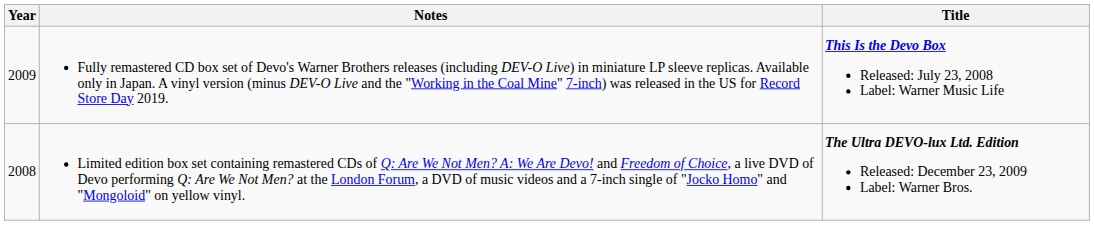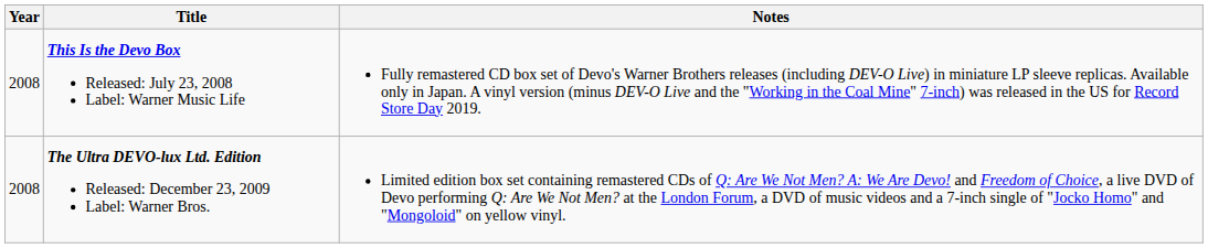 <table class="wikitable">
 <tr>
 <th style="width:33px;">Year</th>
+<th style="width:300px;">Title</th>
 <th>Notes</th>
-<th style="width:300px;">Title</th>
-</tr>
-<tr>
-<td style="text-align:center;">2009</td>
-<td><br><ul><li>Fully remastered CD box set of Devo's Warner Brothers releases (including <em>DEV-O Live</em>) in miniature LP sleeve replicas. Available only in Japan. A vinyl version (minus <em>DEV-O Live</em> and the "<a href='#'>Working in the Coal Mine</a>" <a href='#'>7-inch</a>) was released in the US for <a href='#'>Record Store Day</a> 2019.</li></ul></td>
-<td><strong><em><a href='#'>This Is the Devo Box</a></em></strong><br><ul><li>Released: July 23, 2008</li><li>Label: Warner Music Life</li></ul></td>
 </tr>
 <tr>
 <td style="text-align:center;">2008</td>
+<td><strong><em><a href='#'>This Is the Devo Box</a></em></strong><br><ul><li>Released: July 23, 2008</li><li>Label: Warner Music Life</li></ul></td>
+<td><br><ul><li>Fully remastered CD box set of Devo's Warner Brothers releases (including <em>DEV-O Live</em>) in miniature LP sleeve replicas. Available only in Japan. A vinyl version (minus <em>DEV-O Live</em> and the "<a href='#'>Working in the Coal Mine</a>" <a href='#'>7-inch</a>) was released in the US for <a href='#'>Record Store Day</a> 2019.</li></ul></td>
+</tr>
+<tr>
+<td style="text-align:center;">2008</td>
+<td><strong><em>The Ultra DEVO-lux Ltd. Edition</em></strong><br><ul><li>Released: December 23, 2009</li><li>Label: Warner Bros.</li></ul></td>
 <td><br><ul><li>Limited edition box set containing remastered CDs of <em><a href='#'>Q: Are We Not Men? A: We Are Devo!</a></em> and <em><a href='#'>Freedom of Choice</a></em>, a live DVD of Devo performing <em>Q: Are We Not Men?</em> at the <a href='#'>London Forum</a>, a DVD of music videos and a 7-inch single of "<a href='#'>Jocko Homo</a>" and "<a href='#'>Mongoloid</a>" on yellow vinyl.</li></ul></td>
-<td><strong><em>The Ultra DEVO-lux Ltd. Edition</em></strong><br><ul><li>Released: December 23, 2009</li><li>Label: Warner Bros.</li></ul></td>
 </tr>
 </table>
